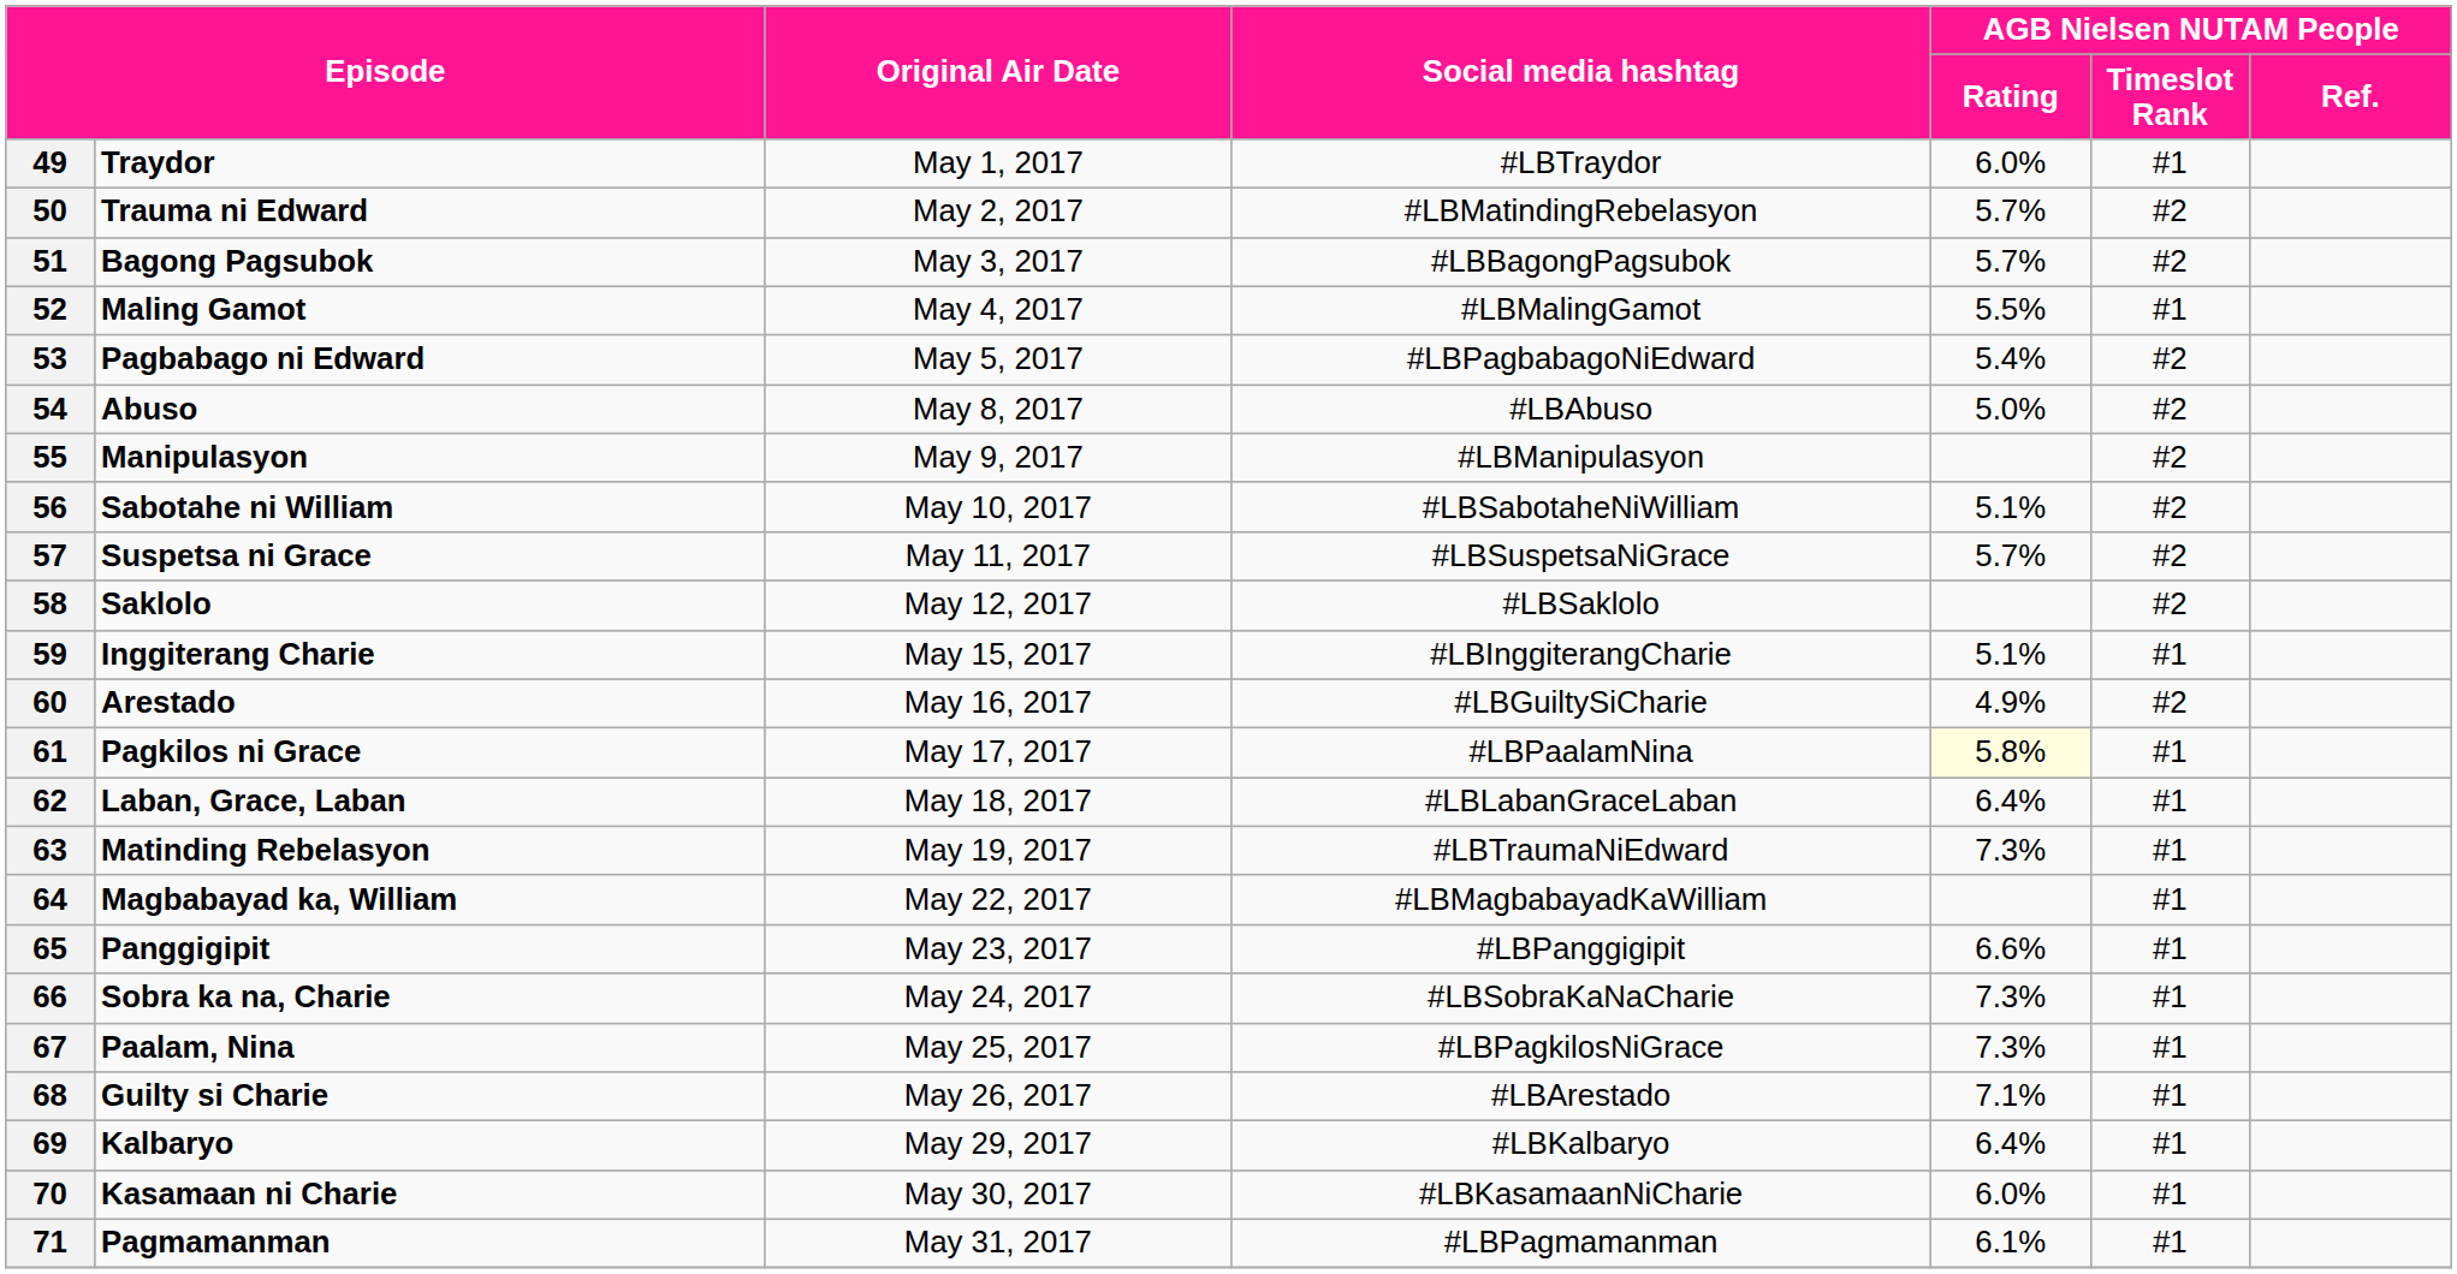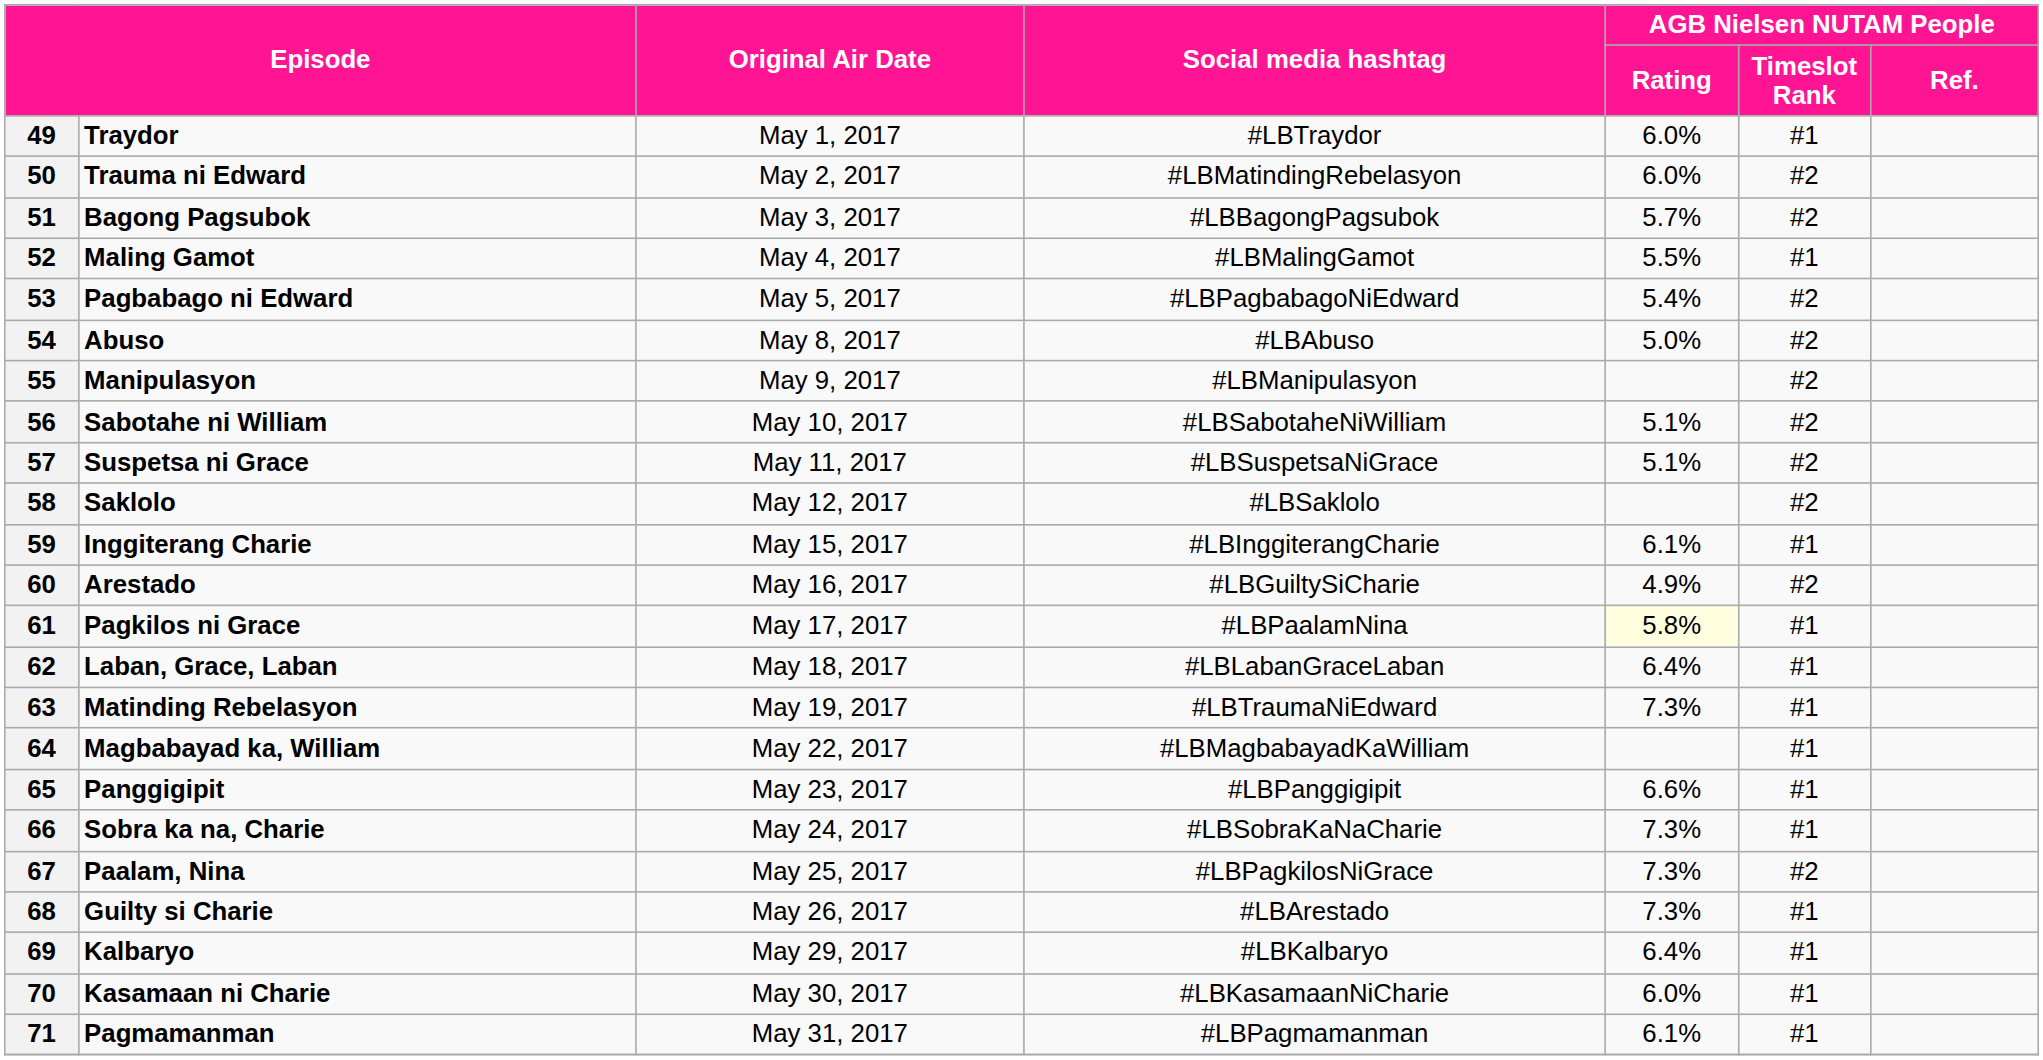 <table class="wikitable" style="text-align:center; font-size:100%; line-height:18px;"  width="100%">
 <tr>
 <th colspan="2" rowspan="2" style="background-color:#FF1493; color:#ffffff;">Episode</th>
 <th style="background:#FF1493; color:white" rowspan="2">Original Air Date</th>
 <th style="background:#FF1493; color:white" rowspan="2">Social media hashtag</th>
 <th style="background-color:#FF1493; color:#ffffff;" colspan="3">AGB Nielsen NUTAM People</th>
 </tr>
 <tr>
 <th style="background-color:#FF1493; width:75px; color:#ffffff;">Rating</th>
 <th style="background-color:#FF1493; width:75px; color:#ffffff;">Timeslot<br>Rank</th>
 <th style="background-color:#FF1493; color:#ffffff;">Ref.</th>
 </tr>
 <tr>
 <th>49</th>
 <td style="text-align: left;"><strong>Traydor</strong></td>
 <td>May 1, 2017</td>
 <td>#LBTraydor</td>
 <td>6.0%</td>
 <td>#1</td>
 <td></td>
 </tr>
 <tr>
 <th>50</th>
 <td style="text-align: left;"><strong>Trauma ni Edward</strong></td>
 <td>May 2, 2017</td>
 <td>#LBMatindingRebelasyon</td>
-<td>5.7%</td>
+<td>6.0%</td>
 <td>#2</td>
 <td></td>
 </tr>
 <tr>
 <th>51</th>
 <td style="text-align: left;"><strong>Bagong Pagsubok</strong></td>
 <td>May 3, 2017</td>
 <td>#LBBagongPagsubok</td>
 <td>5.7%</td>
 <td>#2</td>
 <td></td>
 </tr>
 <tr>
 <th>52</th>
 <td style="text-align: left;"><strong>Maling Gamot</strong></td>
 <td>May 4, 2017</td>
 <td>#LBMalingGamot</td>
 <td>5.5%</td>
 <td>#1</td>
 <td></td>
 </tr>
 <tr>
 <th>53</th>
 <td style="text-align: left;"><strong>Pagbabago ni Edward</strong></td>
 <td>May 5, 2017</td>
 <td>#LBPagbabagoNiEdward</td>
 <td>5.4%</td>
 <td>#2</td>
 <td></td>
 </tr>
 <tr>
 <th>54</th>
 <td style="text-align: left;"><strong>Abuso</strong></td>
 <td>May 8, 2017</td>
 <td>#LBAbuso</td>
 <td>5.0%</td>
 <td>#2</td>
 <td></td>
 </tr>
 <tr>
 <th>55</th>
 <td style="text-align: left;"><strong>Manipulasyon</strong></td>
 <td>May 9, 2017</td>
 <td>#LBManipulasyon</td>
 <td></td>
 <td>#2</td>
 <td></td>
 </tr>
 <tr>
 <th>56</th>
 <td style="text-align: left;"><strong>Sabotahe ni William</strong></td>
 <td>May 10, 2017</td>
 <td>#LBSabotaheNiWilliam</td>
 <td>5.1%</td>
 <td>#2</td>
 <td></td>
 </tr>
 <tr>
 <th>57</th>
 <td style="text-align: left;"><strong>Suspetsa ni Grace</strong></td>
 <td>May 11, 2017</td>
 <td>#LBSuspetsaNiGrace</td>
-<td>5.7%</td>
+<td>5.1%</td>
 <td>#2</td>
 <td></td>
 </tr>
 <tr>
 <th>58</th>
 <td style="text-align: left;"><strong>Saklolo</strong></td>
 <td>May 12, 2017</td>
 <td>#LBSaklolo</td>
 <td></td>
 <td>#2</td>
 <td></td>
 </tr>
 <tr>
 <th>59</th>
 <td style="text-align: left;"><strong>Inggiterang Charie</strong></td>
 <td>May 15, 2017</td>
 <td>#LBInggiterangCharie</td>
-<td>5.1%</td>
+<td>6.1%</td>
 <td>#1</td>
 <td></td>
 </tr>
 <tr>
 <th>60</th>
 <td style="text-align: left;"><strong>Arestado</strong></td>
 <td>May 16, 2017</td>
 <td>#LBGuiltySiCharie</td>
 <td>4.9%</td>
 <td>#2</td>
 <td></td>
 </tr>
 <tr>
 <th>61</th>
 <td style="text-align: left;"><strong>Pagkilos ni Grace</strong></td>
 <td>May 17, 2017</td>
 <td>#LBPaalamNina</td>
 <td style="background: lightyellow;">5.8%</td>
 <td>#1</td>
 <td></td>
 </tr>
 <tr>
 <th>62</th>
 <td style="text-align: left;"><strong>Laban, Grace, Laban</strong></td>
 <td>May 18, 2017</td>
 <td>#LBLabanGraceLaban</td>
 <td>6.4%</td>
 <td>#1</td>
 <td></td>
 </tr>
 <tr>
 <th>63</th>
 <td style="text-align: left;"><strong>Matinding Rebelasyon</strong></td>
 <td>May 19, 2017</td>
 <td>#LBTraumaNiEdward</td>
 <td>7.3%</td>
 <td>#1</td>
 <td></td>
 </tr>
 <tr>
 <th>64</th>
 <td style="text-align: left;"><strong>Magbabayad ka, William</strong></td>
 <td>May 22, 2017</td>
 <td>#LBMagbabayadKaWilliam</td>
 <td></td>
 <td>#1</td>
 <td></td>
 </tr>
 <tr>
 <th>65</th>
 <td style="text-align: left;"><strong>Panggigipit</strong></td>
 <td>May 23, 2017</td>
 <td>#LBPanggigipit</td>
 <td>6.6%</td>
 <td>#1</td>
 <td></td>
 </tr>
 <tr>
 <th>66</th>
 <td style="text-align: left;"><strong>Sobra ka na, Charie</strong></td>
 <td>May 24, 2017</td>
 <td>#LBSobraKaNaCharie</td>
 <td>7.3%</td>
 <td>#1</td>
 <td></td>
 </tr>
 <tr>
 <th>67</th>
 <td style="text-align: left;"><strong>Paalam, Nina</strong></td>
 <td>May 25, 2017</td>
 <td>#LBPagkilosNiGrace</td>
 <td>7.3%</td>
-<td>#1</td>
+<td>#2</td>
 <td></td>
 </tr>
 <tr>
 <th>68</th>
 <td style="text-align: left;"><strong>Guilty si Charie</strong></td>
 <td>May 26, 2017</td>
 <td>#LBArestado</td>
-<td>7.1%</td>
+<td>7.3%</td>
 <td>#1</td>
 <td></td>
 </tr>
 <tr>
 <th>69</th>
 <td style="text-align: left;"><strong>Kalbaryo</strong></td>
 <td>May 29, 2017</td>
 <td>#LBKalbaryo</td>
 <td>6.4%</td>
 <td>#1</td>
 <td></td>
 </tr>
 <tr>
 <th>70</th>
 <td style="text-align: left;"><strong>Kasamaan ni Charie</strong></td>
 <td>May 30, 2017</td>
 <td>#LBKasamaanNiCharie</td>
 <td>6.0%</td>
 <td>#1</td>
 <td></td>
 </tr>
 <tr>
 <th>71</th>
 <td style="text-align: left;"><strong>Pagmamanman</strong></td>
 <td>May 31, 2017</td>
 <td>#LBPagmamanman</td>
 <td>6.1%</td>
 <td>#1</td>
 <td></td>
 </tr>
 <tr>
 </tr>
 </table>
